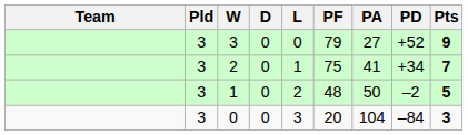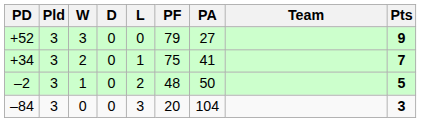 <table class="wikitable" style="text-align:center;">
 <tr>
-<th width=175>Team</th>
+<th width=32 abbr="Points difference">PD</th>
 <th width=25 abbr="Played">Pld</th>
 <th width=25 abbr="Won">W</th>
 <th width=25 abbr="Drawn">D</th>
 <th width=25 abbr="Lost">L</th>
 <th width=32 abbr="Points for">PF</th>
 <th width=32 abbr="Points against">PA</th>
-<th width=32 abbr="Points difference">PD</th>
+<th width=175>Team</th>
 <th width=25 abbr="Points">Pts</th>
 </tr>
 <tr bgcolor=ccffcc>
-<td align=left></td>
+<td>+52</td>
 <td>3</td>
 <td>3</td>
 <td>0</td>
 <td>0</td>
 <td>79</td>
 <td>27</td>
-<td>+52</td>
+<td align=left></td>
 <td><strong>9</strong></td>
 </tr>
 <tr bgcolor=ccffcc>
-<td align=left></td>
+<td>+34</td>
 <td>3</td>
 <td>2</td>
 <td>0</td>
 <td>1</td>
 <td>75</td>
 <td>41</td>
-<td>+34</td>
+<td align=left></td>
 <td><strong>7</strong></td>
 </tr>
 <tr bgcolor=ccffcc>
-<td align=left></td>
+<td>–2</td>
 <td>3</td>
 <td>1</td>
 <td>0</td>
 <td>2</td>
 <td>48</td>
 <td>50</td>
-<td>–2</td>
+<td align=left></td>
 <td><strong>5</strong></td>
 </tr>
 <tr>
-<td align=left></td>
+<td>–84</td>
 <td>3</td>
 <td>0</td>
 <td>0</td>
 <td>3</td>
 <td>20</td>
 <td>104</td>
-<td>–84</td>
+<td align=left></td>
 <td><strong>3</strong></td>
 </tr>
 </table>
